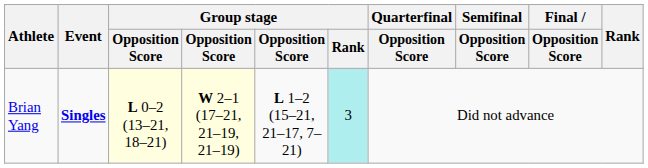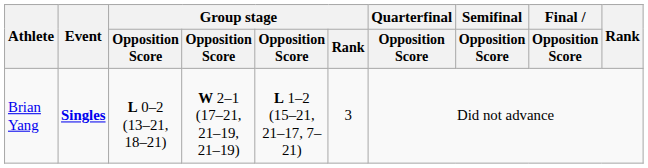 <table class="wikitable" style="font-size:90%">
 <tr>
 <th rowspan=2>Athlete</th>
 <th rowspan=2>Event</th>
 <th colspan=4>Group stage</th>
 <th>Quarterfinal</th>
 <th>Semifinal</th>
 <th>Final / </th>
 <th rowspan=2>Rank</th>
 </tr>
 <tr style="font-size:95%">
 <th>Opposition<br>Score</th>
 <th>Opposition<br>Score</th>
 <th>Opposition<br>Score</th>
 <th>Rank</th>
 <th>Opposition<br>Score</th>
 <th>Opposition<br>Score</th>
 <th>Opposition<br>Score</th>
 </tr>
 <tr align=center>
 <td align=left><a href='#'>Brian Yang</a></td>
 <td align=left><strong><a href='#'>Singles</a></strong></td>
-<td style="background: lightyellow;"><br><strong>L</strong> 0–2 (13–21, 18–21)</td>
-<td style="background: lightyellow;"><br><strong>W</strong> 2–1  (17–21, 21–19, 21–19)</td>
+<td><br><strong>L</strong> 0–2 (13–21, 18–21)</td>
+<td><br><strong>W</strong> 2–1  (17–21, 21–19, 21–19)</td>
 <td><br><strong>L</strong> 1–2 (15–21, 21–17, 7–21)</td>
-<td style="background: paleturquoise;">3</td>
+<td>3</td>
 <td colspan=4>Did not advance</td>
 </tr>
 </table>
